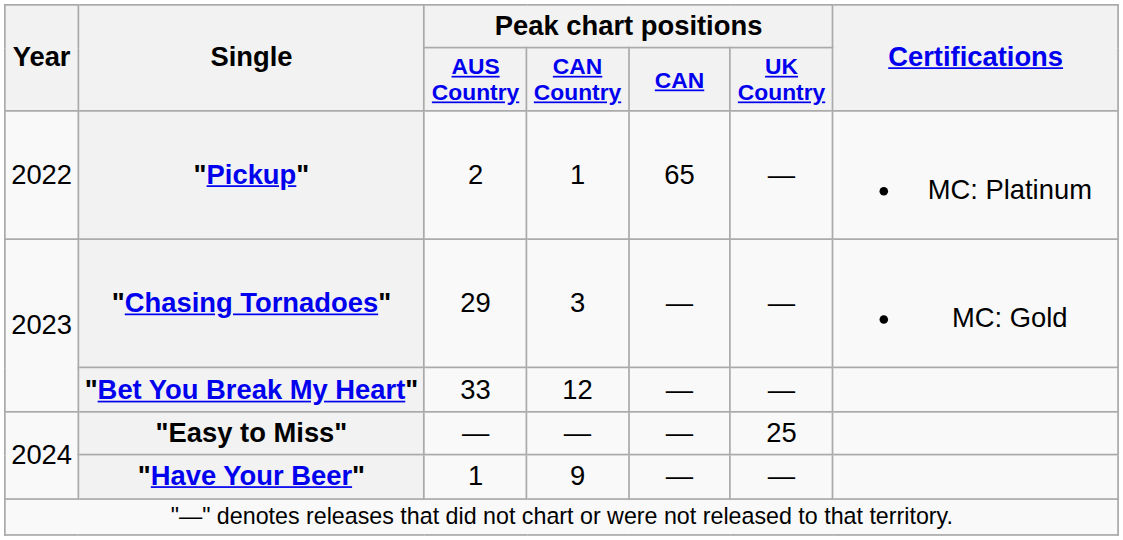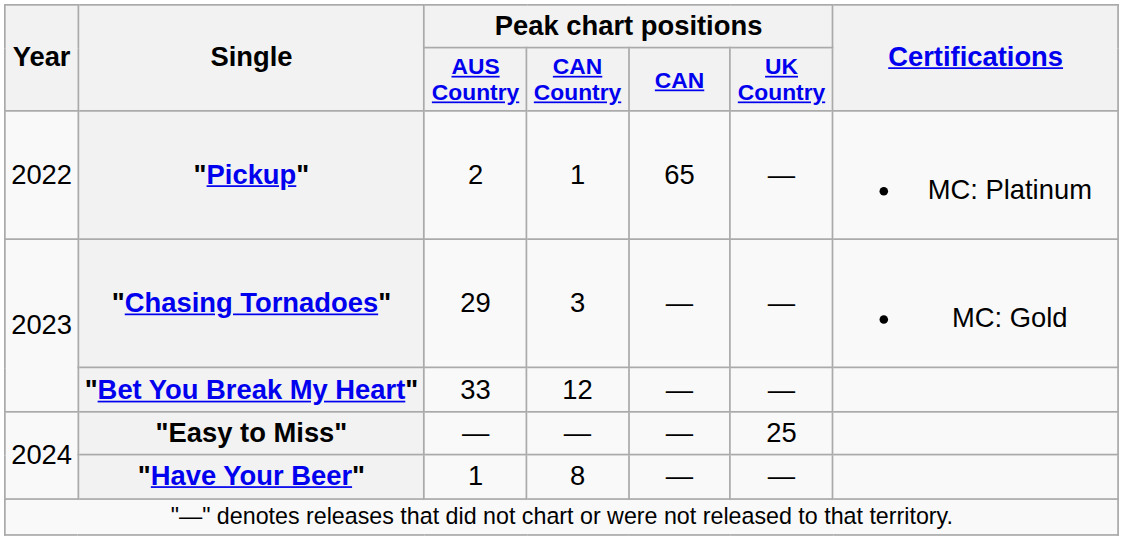 <table class="wikitable plainrowheaders" style="text-align:center;">
 <tr>
 <th rowspan="2">Year</th>
 <th rowspan="2" style="widtha:18em;">Single</th>
 <th colspan="4">Peak chart positions</th>
 <th rowspan="2" style="width:10em;"><a href='#'>Certifications</a></th>
 </tr>
 <tr style="font-size:smaller;">
 <th style="width:4em;"><a href='#'>AUS<br>Country</a><br></th>
 <th style="width:4em;"><a href='#'>CAN Country</a><br></th>
 <th style="width:4em;"><a href='#'>CAN</a><br></th>
 <th style="width:4em;"><a href='#'>UK<br>Country</a><br></th>
 </tr>
 <tr>
 <td>2022</td>
 <th scope="row">"<a href='#'>Pickup</a>"</th>
 <td>2</td>
 <td>1</td>
 <td>65</td>
 <td>—</td>
 <td><br><ul><li>MC: Platinum</li></ul></td>
 </tr>
 <tr>
 <td rowspan="2">2023</td>
 <th scope="row">"<a href='#'>Chasing Tornadoes</a>"</th>
 <td>29</td>
 <td>3</td>
 <td>—</td>
 <td>—</td>
 <td><br><ul><li>MC: Gold</li></ul></td>
 </tr>
 <tr>
 <th scope="row">"<a href='#'>Bet You Break My Heart</a>"</th>
 <td>33</td>
 <td>12</td>
 <td>—</td>
 <td>—</td>
 <td></td>
 </tr>
 <tr>
 <td rowspan="2">2024</td>
 <th scope="row">"Easy to Miss"</th>
 <td>—</td>
 <td>—</td>
 <td>—</td>
 <td>25</td>
 <td></td>
 </tr>
 <tr>
 <th scope="row">"<a href='#'>Have Your Beer</a>"</th>
 <td>1</td>
-<td>9</td>
+<td>8</td>
 <td>—</td>
 <td>—</td>
 <td></td>
 </tr>
 <tr>
 <td colspan="7" style="font-size:85%">"—" denotes releases that did not chart or were not released to that territory.</td>
 </tr>
 </table>
